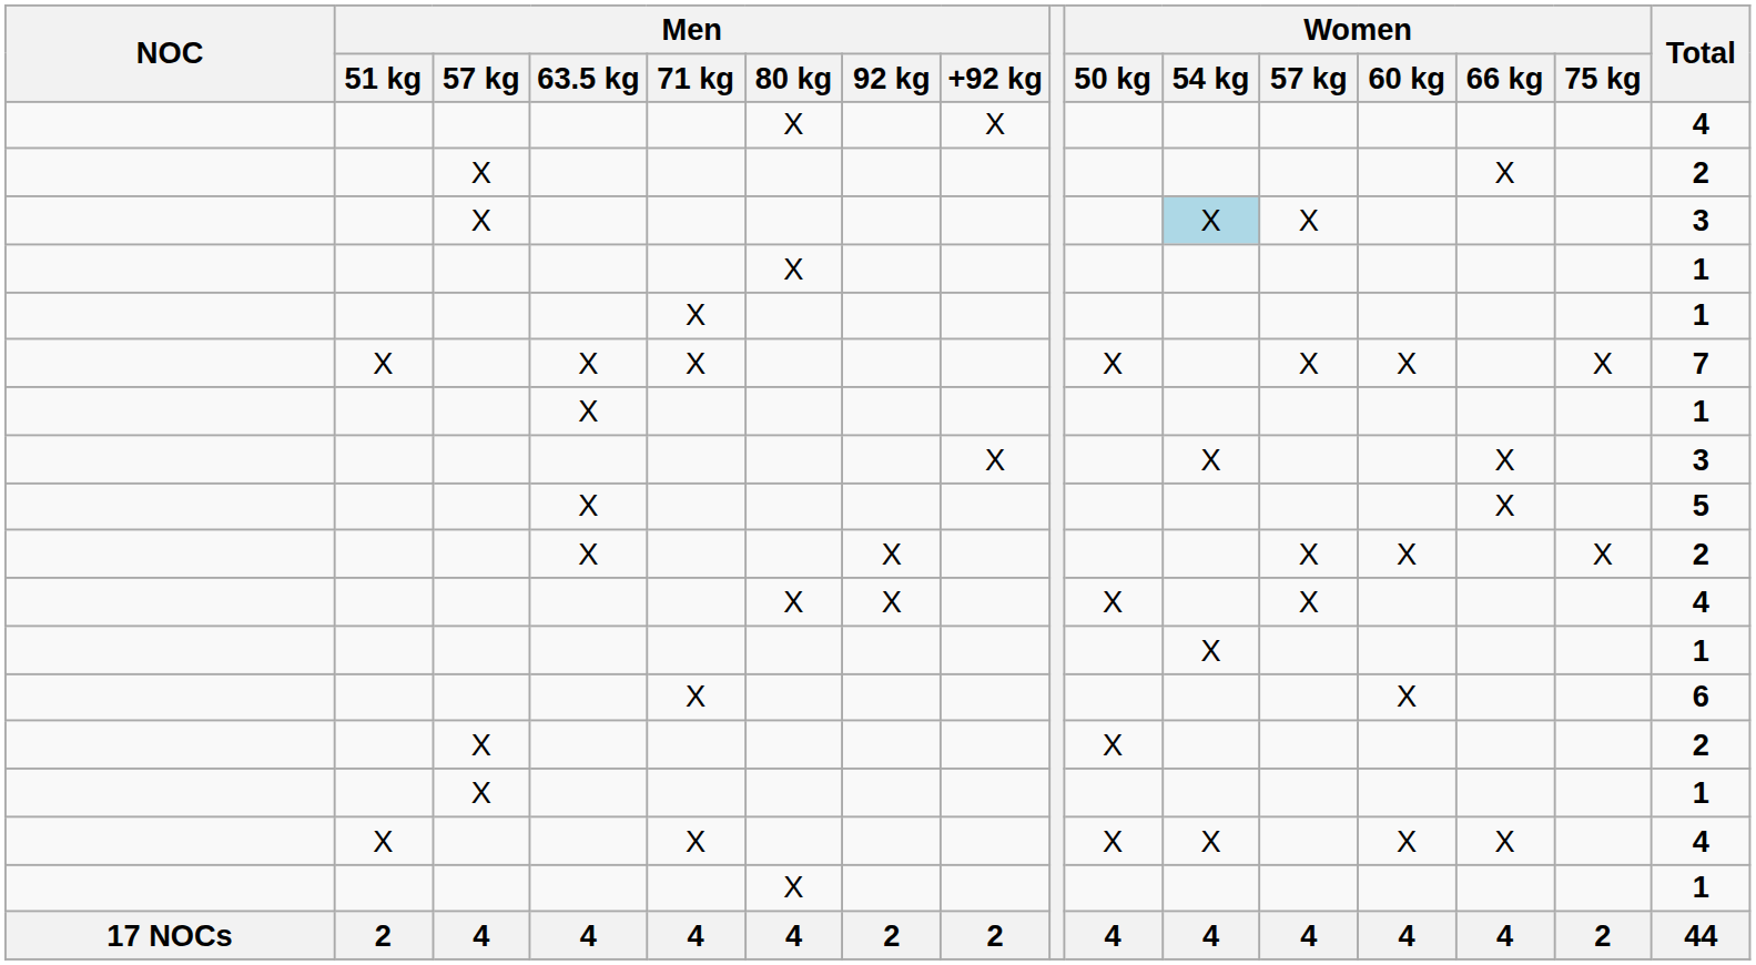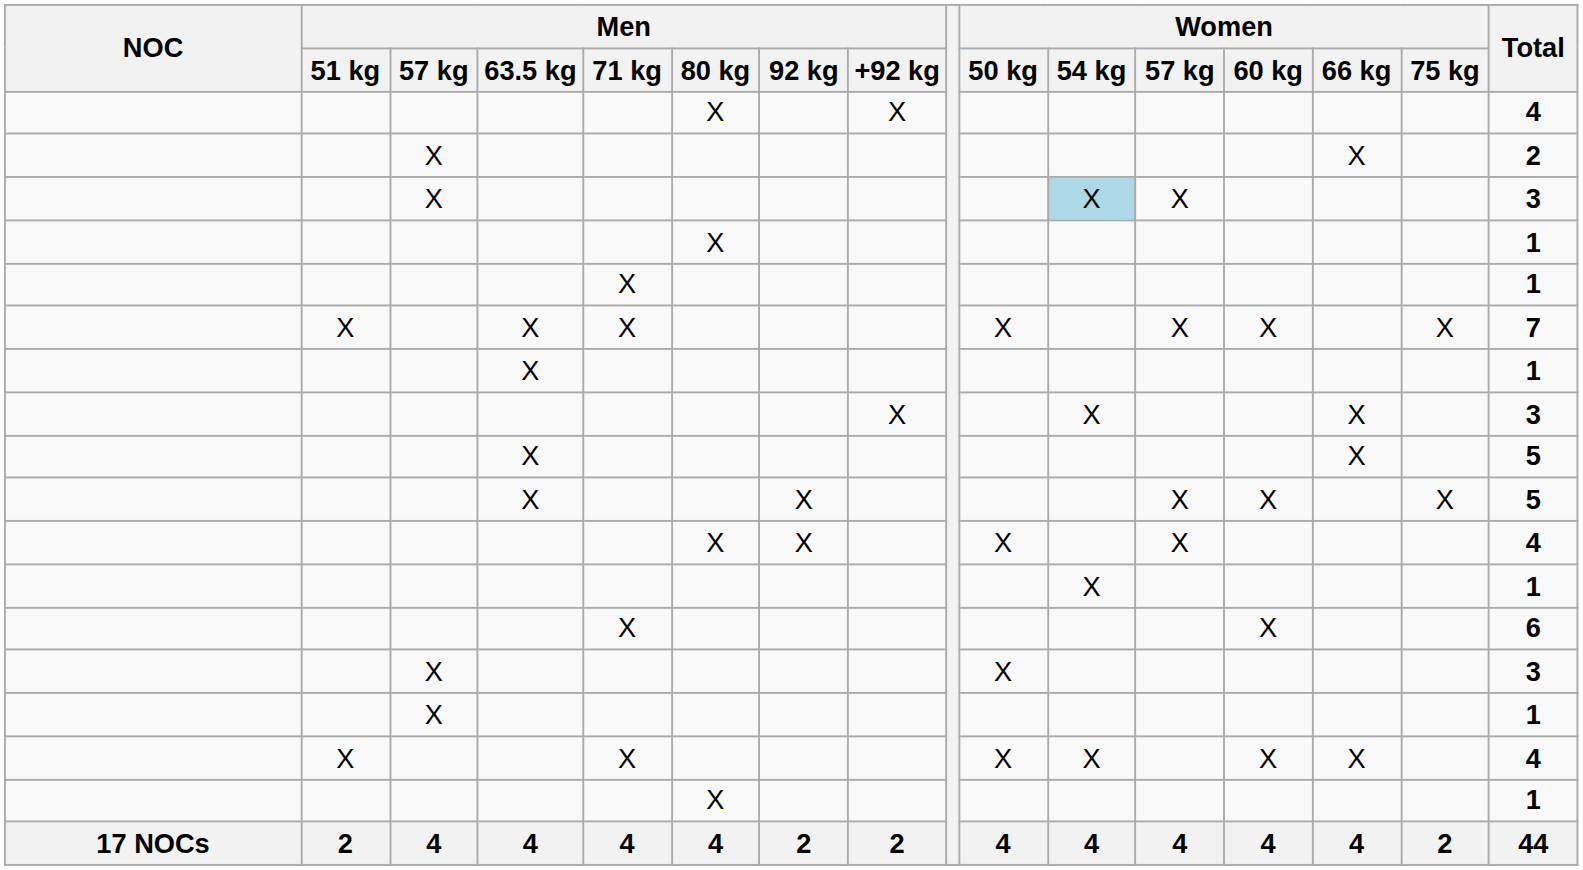 <table class="wikitable" style="text-align:center; font-size:90%">
 <tr>
 <th rowspan=2 width=150 align=left>NOC</th>
 <th colspan=7>Men</th>
 <th rowspan=20></th>
 <th colspan=6>Women</th>
 <th rowspan=2 width=40>Total</th>
 </tr>
 <tr>
 <th width=40>51 kg</th>
 <th width=40>57 kg</th>
 <th width=40>63.5 kg</th>
 <th width=40>71 kg</th>
 <th width=40>80 kg</th>
 <th width=40>92 kg</th>
 <th width=40>+92 kg</th>
 <th width=40>50 kg</th>
 <th width=40>54 kg</th>
 <th width=40>57 kg</th>
 <th width=40>60 kg</th>
 <th width=40>66 kg</th>
 <th width=40>75 kg</th>
 </tr>
 <tr>
 <td align=left></td>
 <td></td>
 <td></td>
 <td></td>
 <td></td>
 <td>X</td>
 <td></td>
 <td>X</td>
 <td></td>
 <td></td>
 <td></td>
 <td></td>
 <td></td>
 <td></td>
 <td><strong>4</strong></td>
 </tr>
 <tr>
 <td align=left></td>
 <td></td>
 <td>X</td>
 <td></td>
 <td></td>
 <td></td>
 <td></td>
 <td></td>
 <td></td>
 <td></td>
 <td></td>
 <td></td>
 <td>X</td>
 <td></td>
 <td><strong>2</strong></td>
 </tr>
 <tr>
 <td align=left></td>
 <td></td>
 <td>X</td>
 <td></td>
 <td></td>
 <td></td>
 <td></td>
 <td></td>
 <td></td>
 <td style="background: lightblue;">X</td>
 <td>X</td>
 <td></td>
 <td></td>
 <td></td>
 <td><strong>3</strong></td>
 </tr>
 <tr>
 <td align=left></td>
 <td></td>
 <td></td>
 <td></td>
 <td></td>
 <td>X</td>
 <td></td>
 <td></td>
 <td></td>
 <td></td>
 <td></td>
 <td></td>
 <td></td>
 <td></td>
 <td><strong>1</strong></td>
 </tr>
 <tr>
 <td align=left></td>
 <td></td>
 <td></td>
 <td></td>
 <td>X</td>
 <td></td>
 <td></td>
 <td></td>
 <td></td>
 <td></td>
 <td></td>
 <td></td>
 <td></td>
 <td></td>
 <td><strong>1</strong></td>
 </tr>
 <tr>
 <td align=left></td>
 <td>X</td>
 <td></td>
 <td>X</td>
 <td>X</td>
 <td></td>
 <td></td>
 <td></td>
 <td>X</td>
 <td></td>
 <td>X</td>
 <td>X</td>
 <td></td>
 <td>X</td>
 <td><strong>7</strong></td>
 </tr>
 <tr>
 <td align=left></td>
 <td></td>
 <td></td>
 <td>X</td>
 <td></td>
 <td></td>
 <td></td>
 <td></td>
 <td></td>
 <td></td>
 <td></td>
 <td></td>
 <td></td>
 <td></td>
 <td><strong>1</strong></td>
 </tr>
 <tr>
 <td align=left></td>
 <td></td>
 <td></td>
 <td></td>
 <td></td>
 <td></td>
 <td></td>
 <td>X</td>
 <td></td>
 <td>X</td>
 <td></td>
 <td></td>
 <td>X</td>
 <td></td>
 <td><strong>3</strong></td>
 </tr>
 <tr>
 <td align=left></td>
 <td></td>
 <td></td>
 <td>X</td>
 <td></td>
 <td></td>
 <td></td>
 <td></td>
 <td></td>
 <td></td>
 <td></td>
 <td></td>
 <td>X</td>
 <td></td>
 <td><strong>5</strong></td>
 </tr>
 <tr>
 <td align=left></td>
 <td></td>
 <td></td>
 <td>X</td>
 <td></td>
 <td></td>
 <td>X</td>
 <td></td>
 <td></td>
 <td></td>
 <td>X</td>
 <td>X</td>
 <td></td>
 <td>X</td>
-<td><strong>2</strong></td>
+<td><strong>5</strong></td>
 </tr>
 <tr>
 <td align=left></td>
 <td></td>
 <td></td>
 <td></td>
 <td></td>
 <td>X</td>
 <td>X</td>
 <td></td>
 <td>X</td>
 <td></td>
 <td>X</td>
 <td></td>
 <td></td>
 <td></td>
 <td><strong>4</strong></td>
 </tr>
 <tr>
 <td align=left></td>
 <td></td>
 <td></td>
 <td></td>
 <td></td>
 <td></td>
 <td></td>
 <td></td>
 <td></td>
 <td>X</td>
 <td></td>
 <td></td>
 <td></td>
 <td></td>
 <td><strong>1</strong></td>
 </tr>
 <tr>
 <td align=left></td>
 <td></td>
 <td></td>
 <td></td>
 <td>X</td>
 <td></td>
 <td></td>
 <td></td>
 <td></td>
 <td></td>
 <td></td>
 <td>X</td>
 <td></td>
 <td></td>
 <td><strong>6</strong></td>
 </tr>
 <tr>
 <td align=left></td>
 <td></td>
 <td>X</td>
 <td></td>
 <td></td>
 <td></td>
 <td></td>
 <td></td>
 <td>X</td>
 <td></td>
 <td></td>
 <td></td>
 <td></td>
 <td></td>
-<td><strong>2</strong></td>
+<td><strong>3</strong></td>
 </tr>
 <tr>
 <td align=left></td>
 <td></td>
 <td>X</td>
 <td></td>
 <td></td>
 <td></td>
 <td></td>
 <td></td>
 <td></td>
 <td></td>
 <td></td>
 <td></td>
 <td></td>
 <td></td>
 <td><strong>1</strong></td>
 </tr>
 <tr>
 <td align=left></td>
 <td>X</td>
 <td></td>
 <td></td>
 <td>X</td>
 <td></td>
 <td></td>
 <td></td>
 <td>X</td>
 <td>X</td>
 <td></td>
 <td>X</td>
 <td>X</td>
 <td></td>
 <td><strong>4</strong></td>
 </tr>
 <tr>
 <td align=left></td>
 <td></td>
 <td></td>
 <td></td>
 <td></td>
 <td>X</td>
 <td></td>
 <td></td>
 <td></td>
 <td></td>
 <td></td>
 <td></td>
 <td></td>
 <td></td>
 <td><strong>1</strong></td>
 </tr>
 <tr>
 <th>17 NOCs</th>
 <th>2</th>
 <th>4</th>
 <th>4</th>
 <th>4</th>
 <th>4</th>
 <th>2</th>
 <th>2</th>
 <th>4</th>
 <th>4</th>
 <th>4</th>
 <th>4</th>
 <th>4</th>
 <th>2</th>
 <th>44</th>
 </tr>
 </table>
